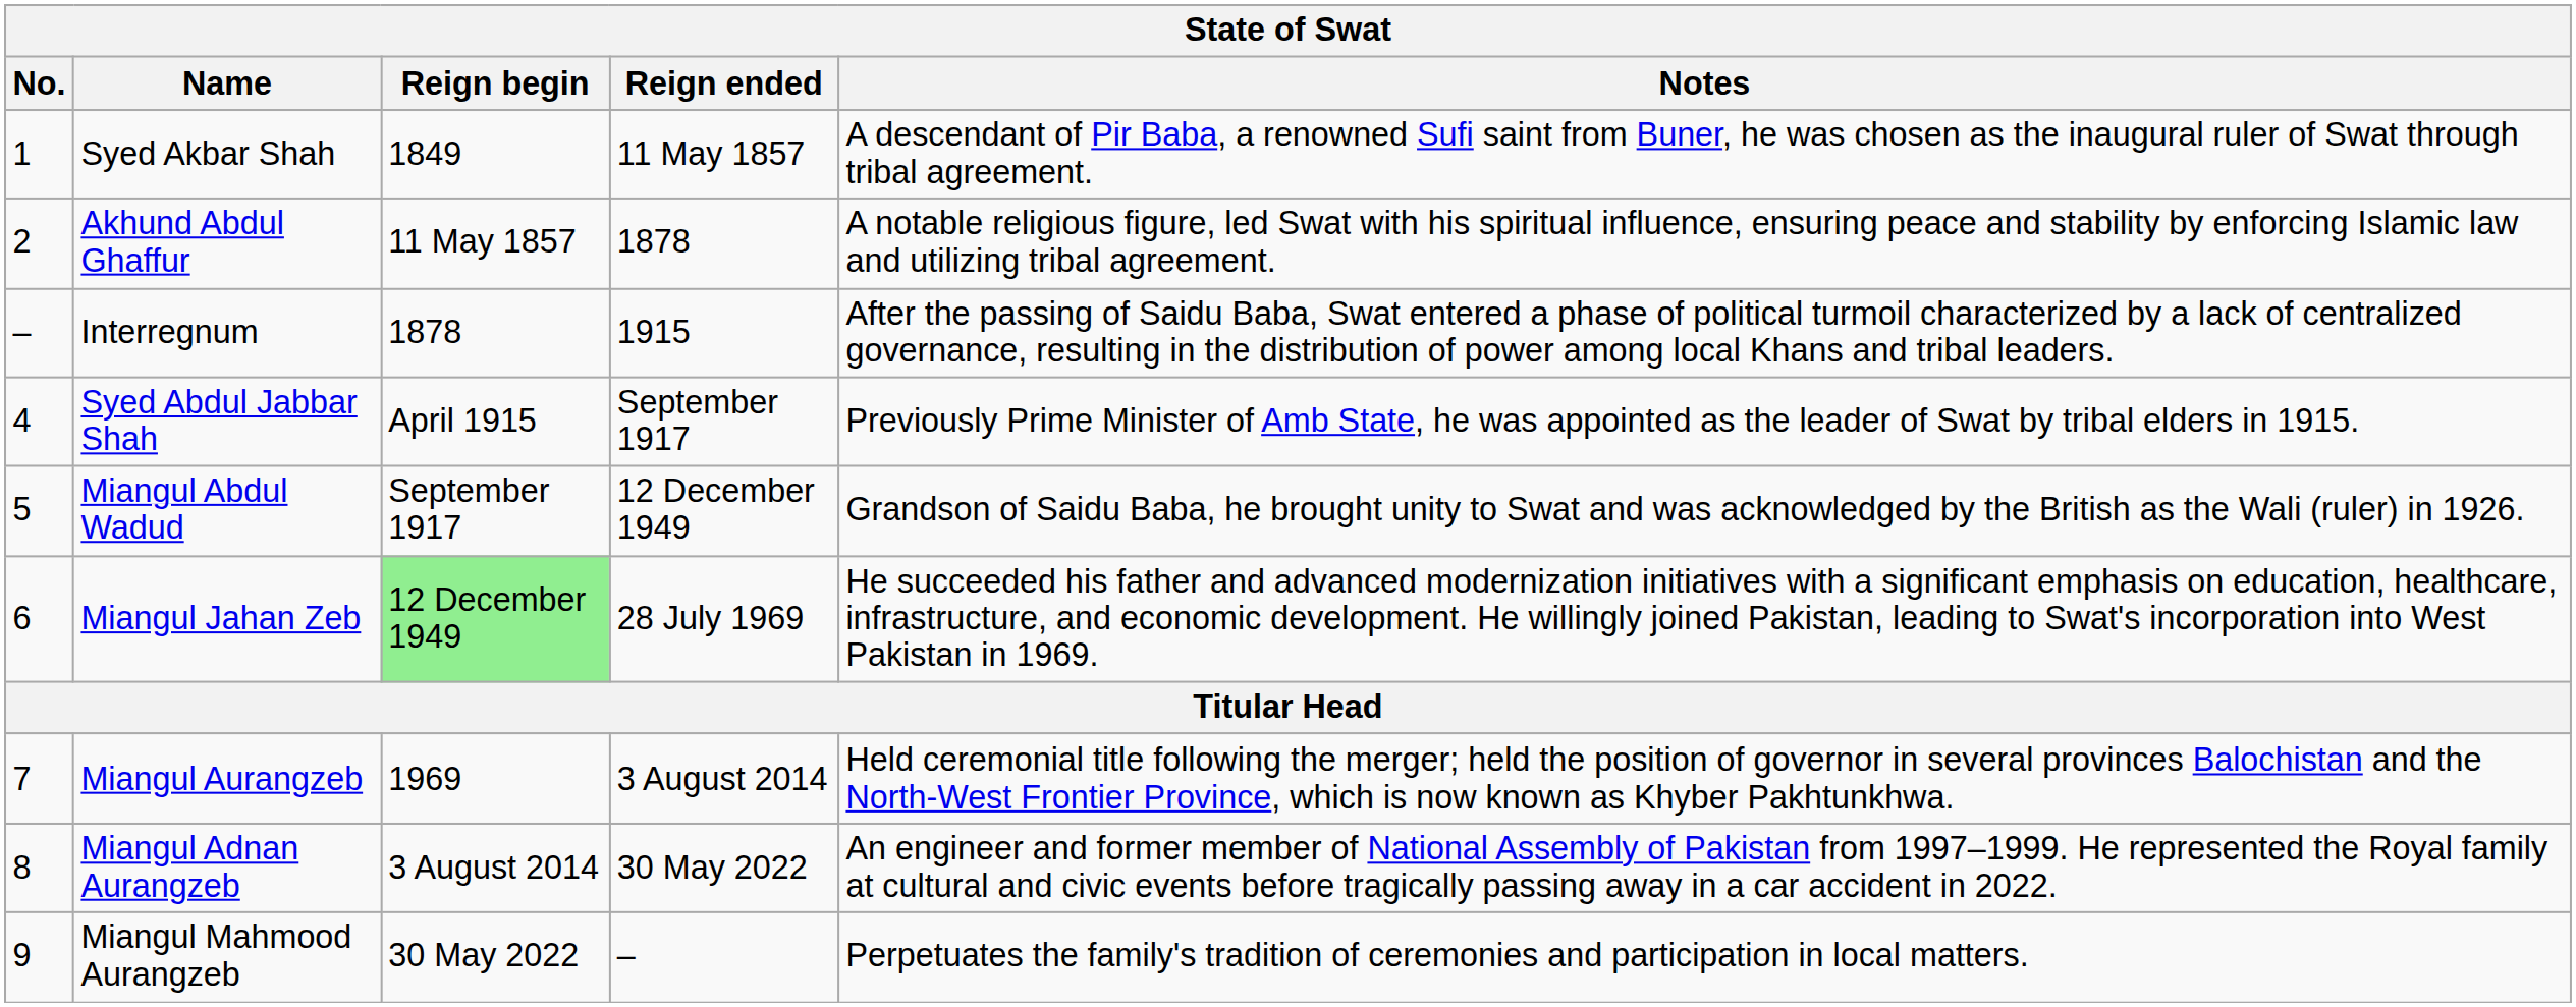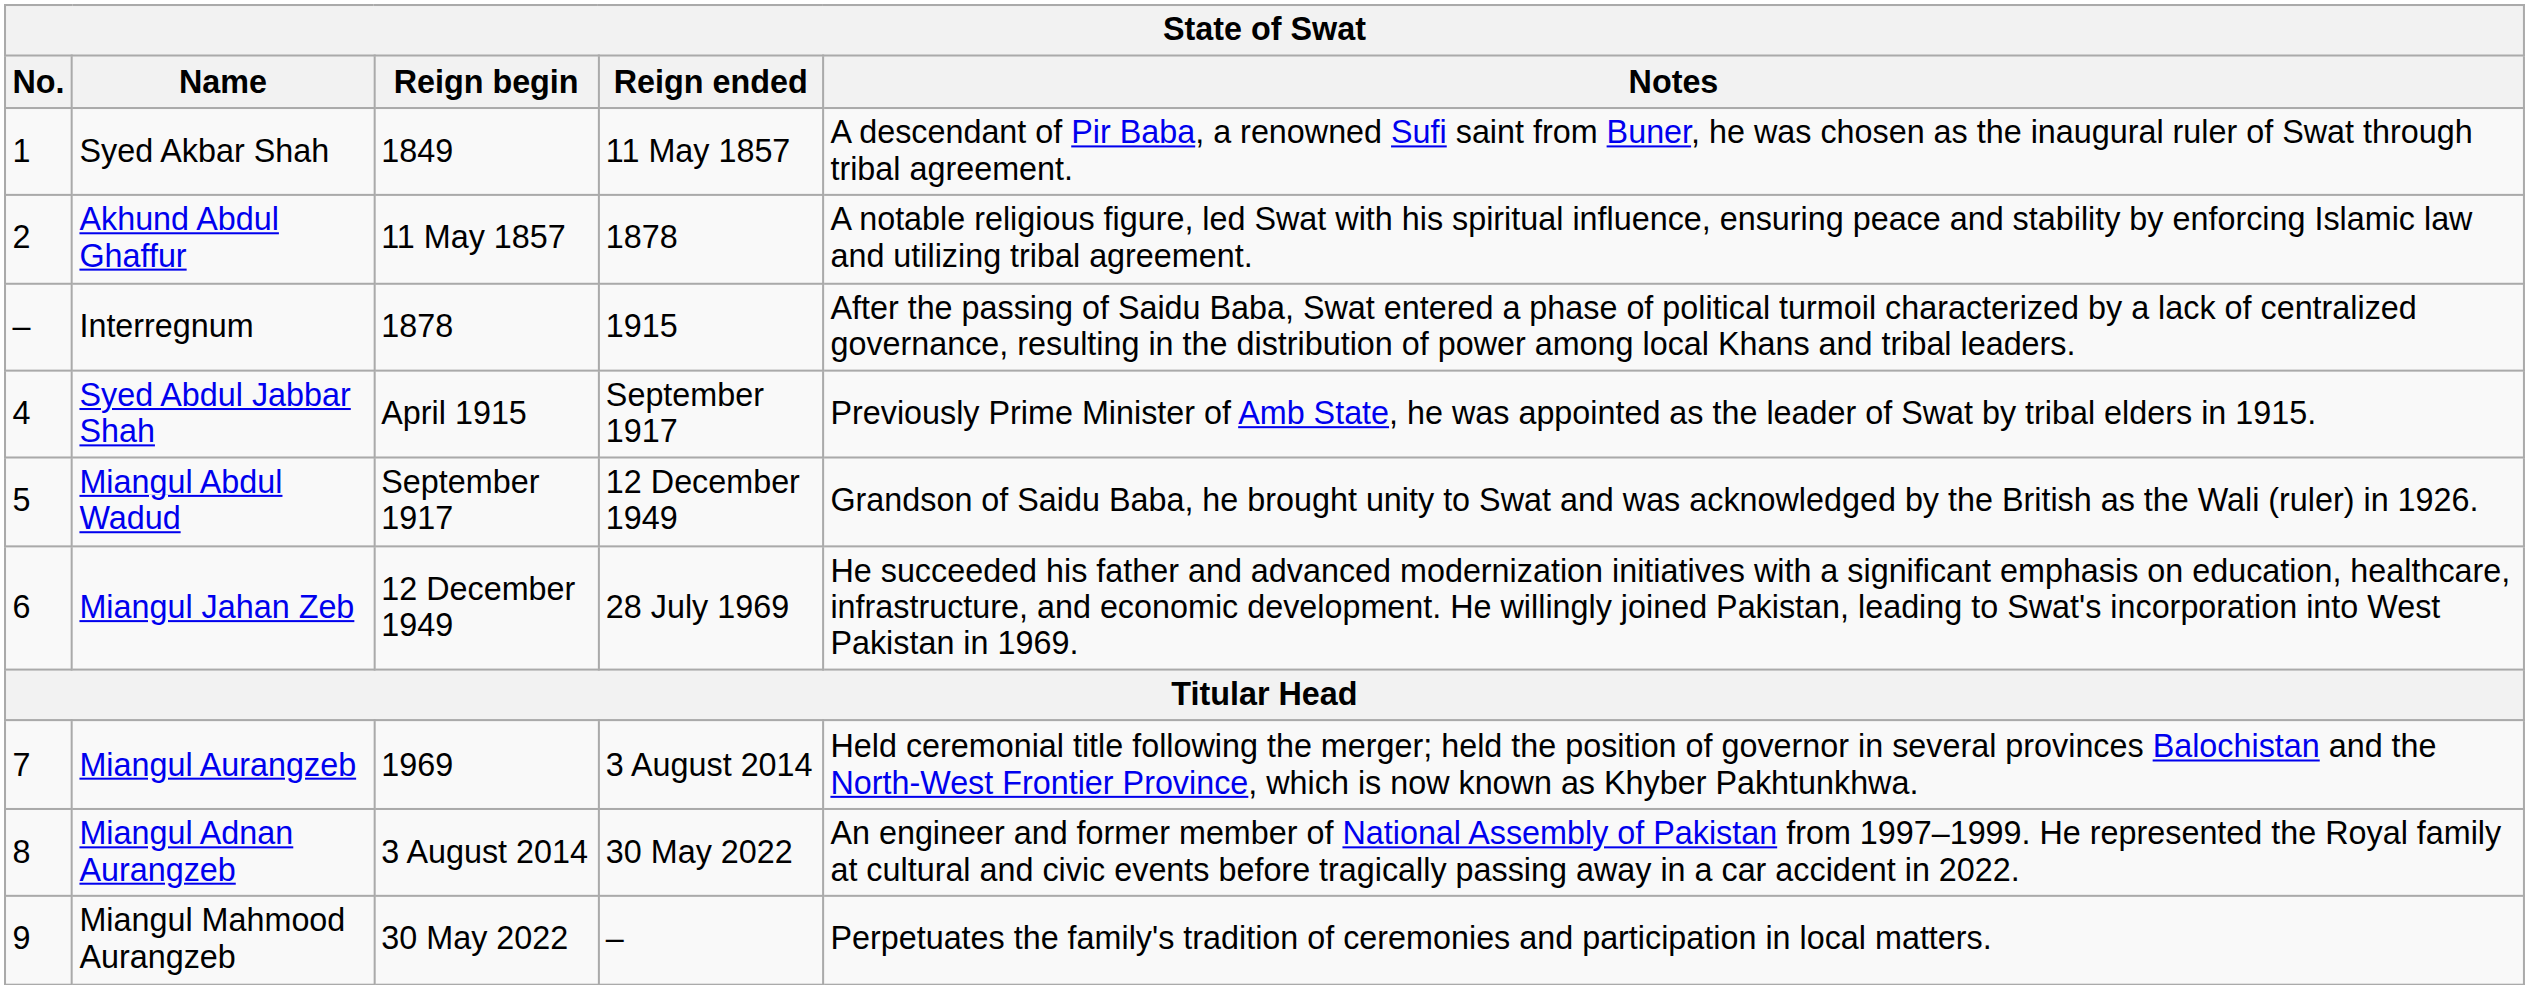 <table class="wikitable">
 <tr>
 <th colspan=6>State of Swat</th>
 </tr>
 <tr>
 <th>No.</th>
 <th>Name</th>
 <th>Reign begin</th>
 <th>Reign ended</th>
 <th>Notes</th>
 </tr>
 <tr>
 <td>1</td>
 <td>Syed Akbar Shah</td>
 <td>1849</td>
 <td>11 May 1857</td>
 <td>A descendant of <a href='#'>Pir Baba</a>, a renowned <a href='#'>Sufi</a> saint from <a href='#'>Buner</a>, he was chosen as the inaugural ruler of Swat through tribal agreement.</td>
 </tr>
 <tr>
 <td>2</td>
 <td><a href='#'>Akhund Abdul Ghaffur</a></td>
 <td>11 May 1857</td>
 <td>1878</td>
 <td>A notable religious figure, led Swat with his spiritual influence, ensuring peace and stability by enforcing Islamic law and utilizing tribal agreement.</td>
 </tr>
 <tr>
 <td>–</td>
 <td>Interregnum</td>
 <td>1878</td>
 <td>1915</td>
 <td>After the passing of Saidu Baba, Swat entered a phase of political turmoil characterized by a lack of centralized governance, resulting in the distribution of power among local Khans and tribal leaders.</td>
 </tr>
 <tr>
 <td>4</td>
 <td><a href='#'>Syed Abdul Jabbar Shah</a></td>
 <td>April 1915</td>
 <td>September 1917</td>
 <td>Previously Prime Minister of <a href='#'>Amb State</a>, he was appointed as the leader of Swat by tribal elders in 1915.</td>
 </tr>
 <tr>
 <td>5</td>
 <td><a href='#'>Miangul Abdul Wadud</a></td>
 <td>September 1917</td>
 <td>12 December 1949</td>
 <td>Grandson of Saidu Baba, he brought unity to Swat and was acknowledged by the British as the Wali (ruler) in 1926.</td>
 </tr>
 <tr>
 <td>6</td>
 <td><a href='#'>Miangul Jahan Zeb</a></td>
-<td style="background: lightgreen;">12 December 1949</td>
+<td>12 December 1949</td>
 <td>28 July 1969</td>
 <td>He succeeded his father and advanced modernization initiatives with a significant emphasis on education, healthcare, infrastructure, and economic development. He willingly joined Pakistan, leading to Swat's incorporation into West Pakistan in 1969.</td>
 </tr>
 <tr>
 <th colspan=6>Titular Head</th>
 </tr>
 <tr>
 <td>7</td>
 <td><a href='#'>Miangul Aurangzeb</a></td>
 <td>1969</td>
 <td>3 August 2014</td>
 <td>Held ceremonial title following the merger; held the position of governor in several provinces <a href='#'>Balochistan</a> and the <a href='#'>North-West Frontier Province</a>, which is now known as Khyber Pakhtunkhwa.</td>
 </tr>
 <tr>
 <td>8</td>
 <td><a href='#'>Miangul Adnan Aurangzeb</a></td>
 <td>3 August 2014</td>
 <td>30 May 2022</td>
 <td>An engineer and former member of <a href='#'>National Assembly of Pakistan</a> from 1997–1999. He represented the Royal family at cultural and civic events before tragically passing away in a car accident in 2022.</td>
 </tr>
 <tr>
 <td>9</td>
 <td>Miangul Mahmood Aurangzeb</td>
 <td>30 May 2022</td>
 <td>–</td>
 <td>Perpetuates the family's tradition of ceremonies and participation in local matters.</td>
 </tr>
 </table>
